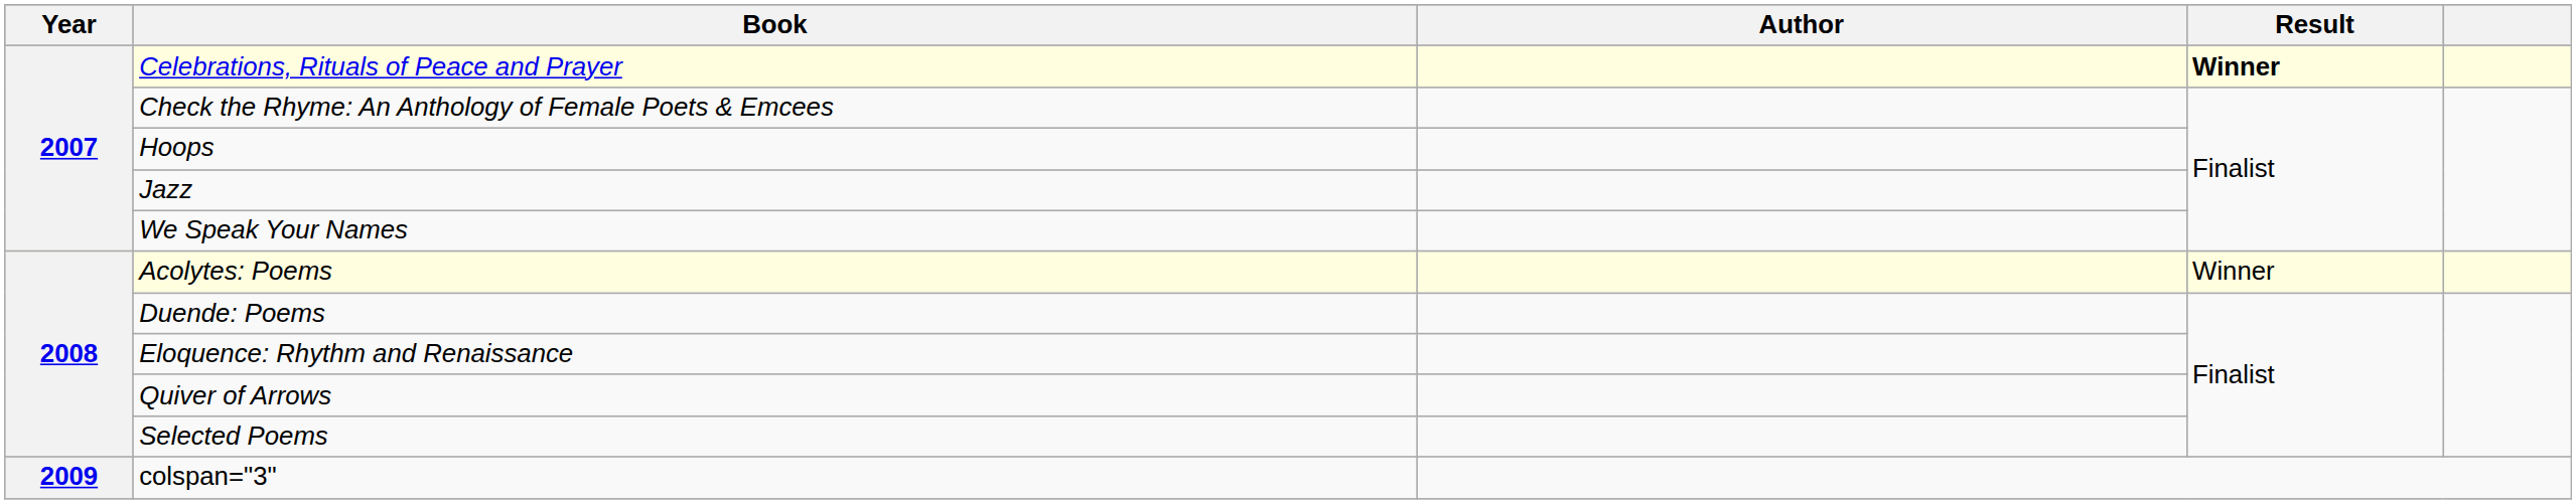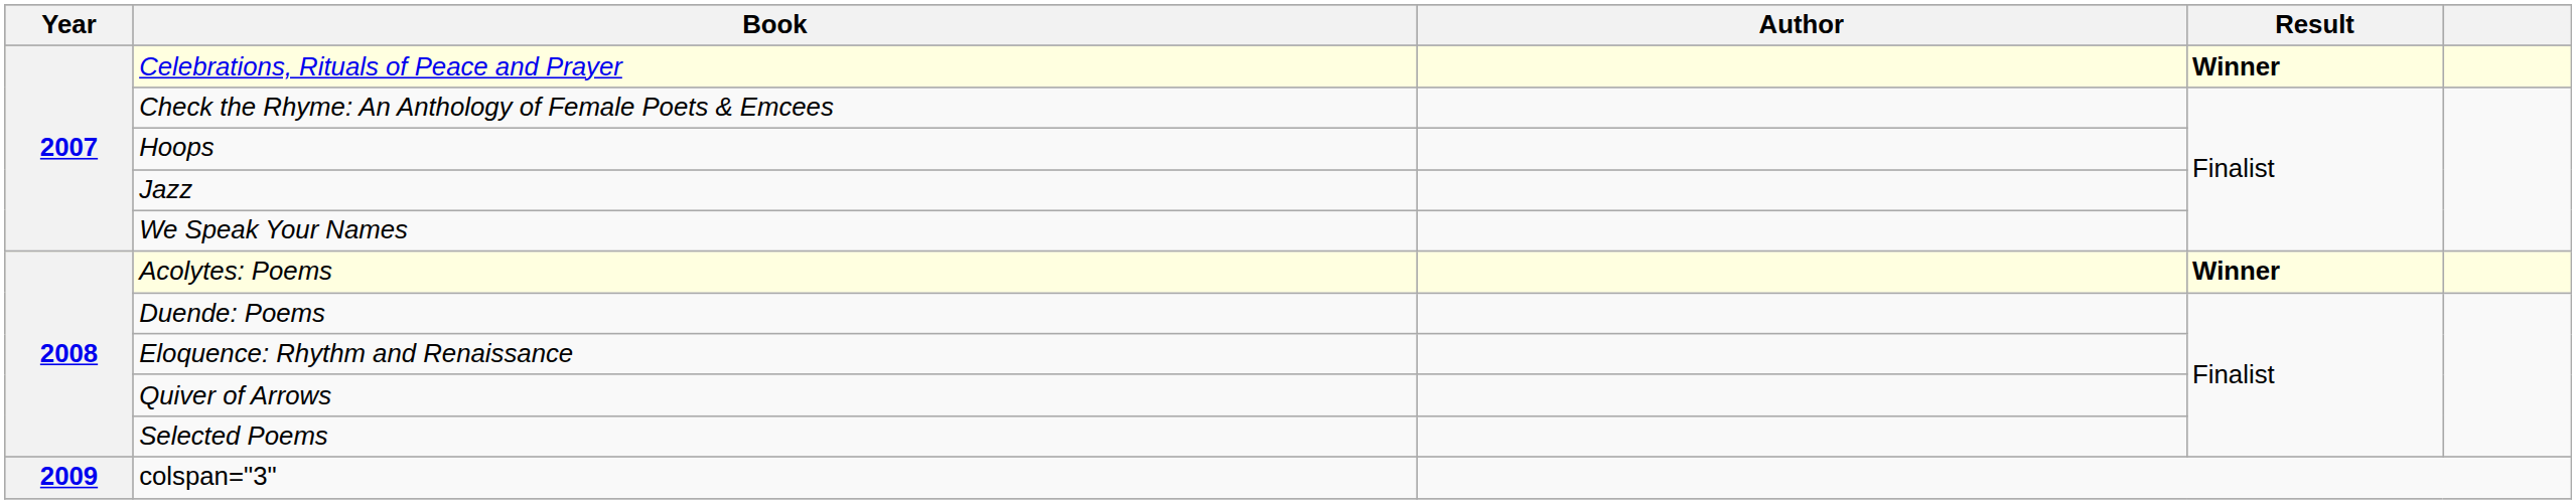 <table class="wikitable sortable mw-collapsible" style="width:100%;">
 <tr style="background:#bebebe;">
 <th scope="col"  width="5%">Year</th>
 <th scope="col"  width="50%">Book</th>
 <th scope="col"  width="30%">Author</th>
 <th scope="col" width="10%">Result</th>
 <th scope="col"  width="5%"></th>
 </tr>
 <tr style="background:lightyellow">
 <th rowspan="5"><a href='#'>2007</a></th>
 <td><em><a href='#'>Celebrations, Rituals of Peace and Prayer</a></em></td>
 <td></td>
 <td><strong>Winner</strong></td>
 <td></td>
 </tr>
 <tr>
 <td><em>Check the Rhyme: An Anthology of Female Poets & Emcees</em></td>
 <td></td>
 <td rowspan="4">Finalist</td>
 <td rowspan="4"></td>
 </tr>
 <tr>
 <td><em>Hoops</em></td>
 <td></td>
 </tr>
 <tr>
 <td><em>Jazz</em></td>
 <td></td>
 </tr>
 <tr>
 <td><em>We Speak Your Names</em></td>
 <td></td>
 </tr>
 <tr style="background:lightyellow">
 <th rowspan="5"><a href='#'>2008</a></th>
 <td><em>Acolytes: Poems</em></td>
 <td></td>
-<td>Winner</td>
+<td><strong>Winner</strong></td>
 <td></td>
 </tr>
 <tr>
 <td><em>Duende: Poems</em></td>
 <td></td>
 <td rowspan="4">Finalist</td>
 <td rowspan="4"></td>
 </tr>
 <tr>
 <td><em>Eloquence: Rhythm and Renaissance</em></td>
 <td></td>
 </tr>
 <tr>
 <td><em>Quiver of Arrows</em></td>
 <td></td>
 </tr>
 <tr>
 <td><em>Selected Poems</em></td>
 <td></td>
 </tr>
 <tr>
 <th><a href='#'>2009</a></th>
 <td>colspan="3" </td>
 </tr>
 </table>
